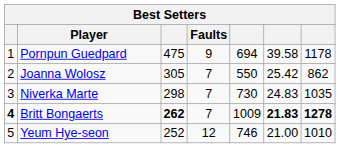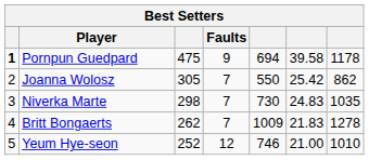 <table class="wikitable sortable" style=font-size:90%>
 <tr>
 <th colspan=7>Best Setters</th>
 </tr>
 <tr>
 <th></th>
 <th width=158>Player</th>
 <th width=20></th>
 <th width=20>Faults</th>
 <th width=20></th>
 <th width=20></th>
 <th width=20></th>
 </tr>
 <tr>
-<td>1</td>
+<td><strong>1</strong></td>
 <td> <a href='#'>Pornpun Guedpard</a></td>
 <td align=center>475</td>
 <td align=center>9</td>
 <td align=center>694</td>
 <td align=center>39.58</td>
 <td align=center>1178</td>
 </tr>
 <tr>
 <td>2</td>
 <td> <a href='#'>Joanna Wolosz</a></td>
 <td align=center>305</td>
 <td align=center>7</td>
 <td align=center>550</td>
 <td align=center>25.42</td>
 <td align=center>862</td>
 </tr>
 <tr>
 <td>3</td>
 <td> <a href='#'>Niverka Marte</a></td>
 <td align=center>298</td>
 <td align=center>7</td>
 <td align=center>730</td>
 <td align=center>24.83</td>
 <td align=center>1035</td>
 </tr>
 <tr>
-<td><strong>4</strong></td>
+<td>4</td>
 <td> <a href='#'>Britt Bongaerts</a></td>
-<td align=center><strong>262</strong></td>
+<td align=center>262</td>
 <td align=center>7</td>
 <td align=center>1009</td>
-<td align=center><strong>21.83</strong></td>
-<td align=center><strong>1278</strong></td>
+<td align=center>21.83</td>
+<td align=center>1278</td>
 </tr>
 <tr>
 <td>5</td>
 <td> <a href='#'>Yeum Hye-seon</a></td>
 <td align=center>252</td>
 <td align=center>12</td>
 <td align=center>746</td>
 <td align=center>21.00</td>
 <td align=center>1010</td>
 </tr>
 </table>
